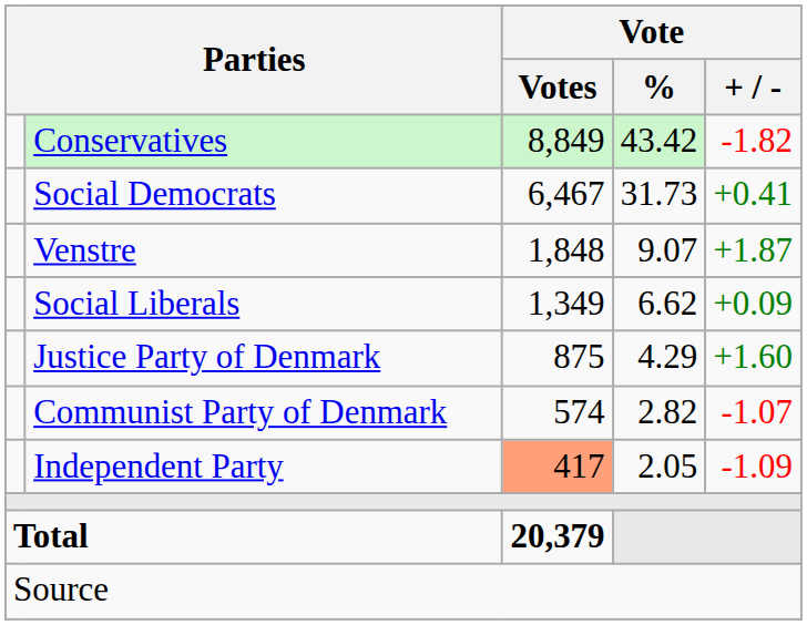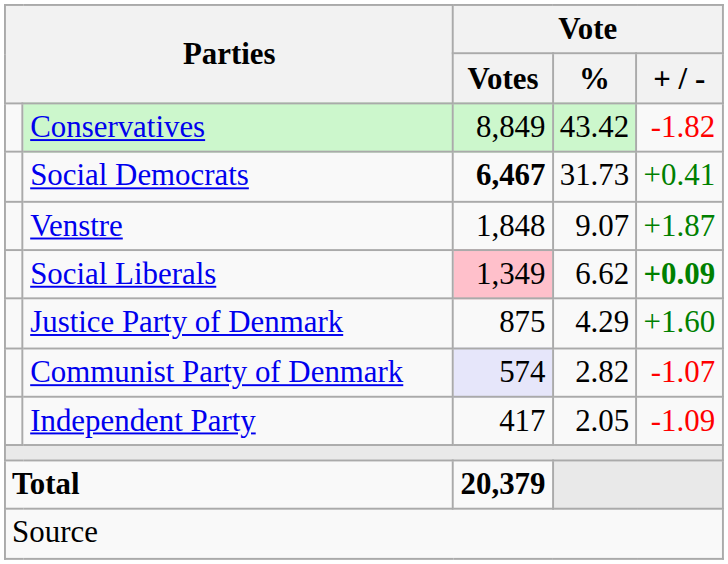 <table class="wikitable" style="text-align:right;">
 <tr>
 <th style="text-align:centre;" rowspan="2" colspan="2" width="225">Parties</th>
 <th colspan="3">Vote</th>
 </tr>
 <tr>
 <th width="15">Votes</th>
 <th width="15">%</th>
 <th width="15">+ / -</th>
 </tr>
 <tr>
 <td width="2" style="color:inherit;background:"></td>
 <td bgcolor=#ccf7cc  align="left"><a href='#'>Conservatives</a></td>
 <td bgcolor=#ccf7cc>8,849</td>
 <td bgcolor=#ccf7cc>43.42</td>
 <td style=color:red;>-1.82</td>
 </tr>
 <tr>
 <td width="2" style="color:inherit;background:"></td>
 <td align="left"><a href='#'>Social Democrats</a></td>
-<td>6,467</td>
+<td><strong>6,467</strong></td>
 <td>31.73</td>
 <td style=color:green;>+0.41</td>
 </tr>
 <tr>
 <td width="2" style="color:inherit;background:"></td>
 <td align="left"><a href='#'>Venstre</a></td>
 <td>1,848</td>
 <td>9.07</td>
 <td style=color:green;>+1.87</td>
 </tr>
 <tr>
 <td width="2" style="color:inherit;background:"></td>
 <td align="left"><a href='#'>Social Liberals</a></td>
-<td>1,349</td>
+<td style="background: pink;">1,349</td>
 <td>6.62</td>
-<td style=color:green;>+0.09</td>
+<td style=color:green;><strong>+0.09</strong></td>
 </tr>
 <tr>
 <td width="2" style="color:inherit;background:"></td>
 <td align="left"><a href='#'>Justice Party of Denmark</a></td>
 <td>875</td>
 <td>4.29</td>
 <td style=color:green;>+1.60</td>
 </tr>
 <tr>
 <td width="2" style="color:inherit;background:"></td>
 <td align="left"><a href='#'>Communist Party of Denmark</a></td>
-<td>574</td>
+<td style="background: lavender;">574</td>
 <td>2.82</td>
 <td style=color:red;>-1.07</td>
 </tr>
 <tr>
 <td width="2" style="color:inherit;background:"></td>
 <td align="left"><a href='#'>Independent Party</a></td>
-<td style="background: lightsalmon;">417</td>
+<td>417</td>
 <td>2.05</td>
 <td style=color:red;>-1.09</td>
 </tr>
 <tr>
 <td colspan="7" bgcolor="#E9E9E9"></td>
 </tr>
 <tr>
 <td align="left" colspan="2"><strong>Total</strong></td>
 <td><strong>20,379</strong></td>
 <td bgcolor="#E9E9E9" colspan="2"></td>
 </tr>
 <tr>
 <td align="left" colspan="6">Source</td>
 </tr>
 </table>
